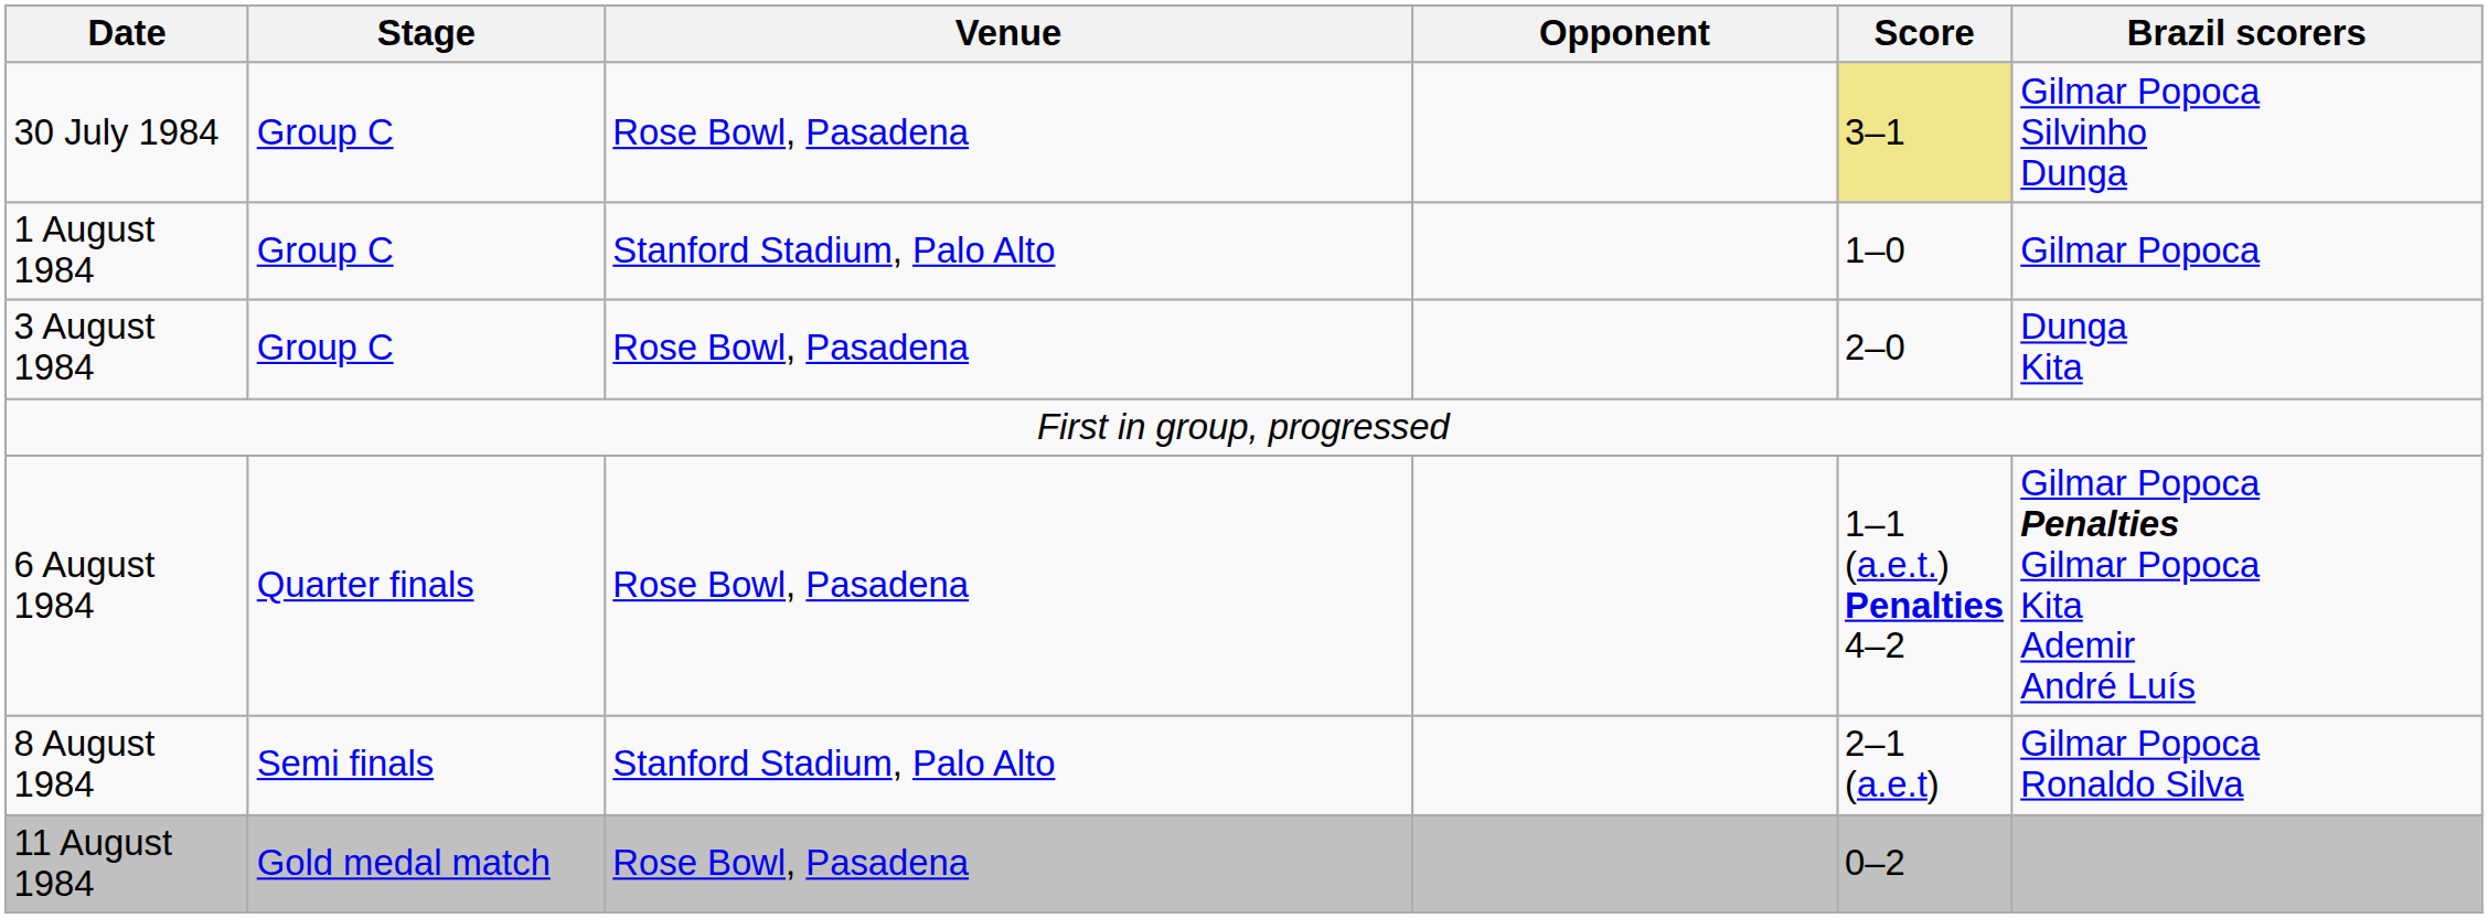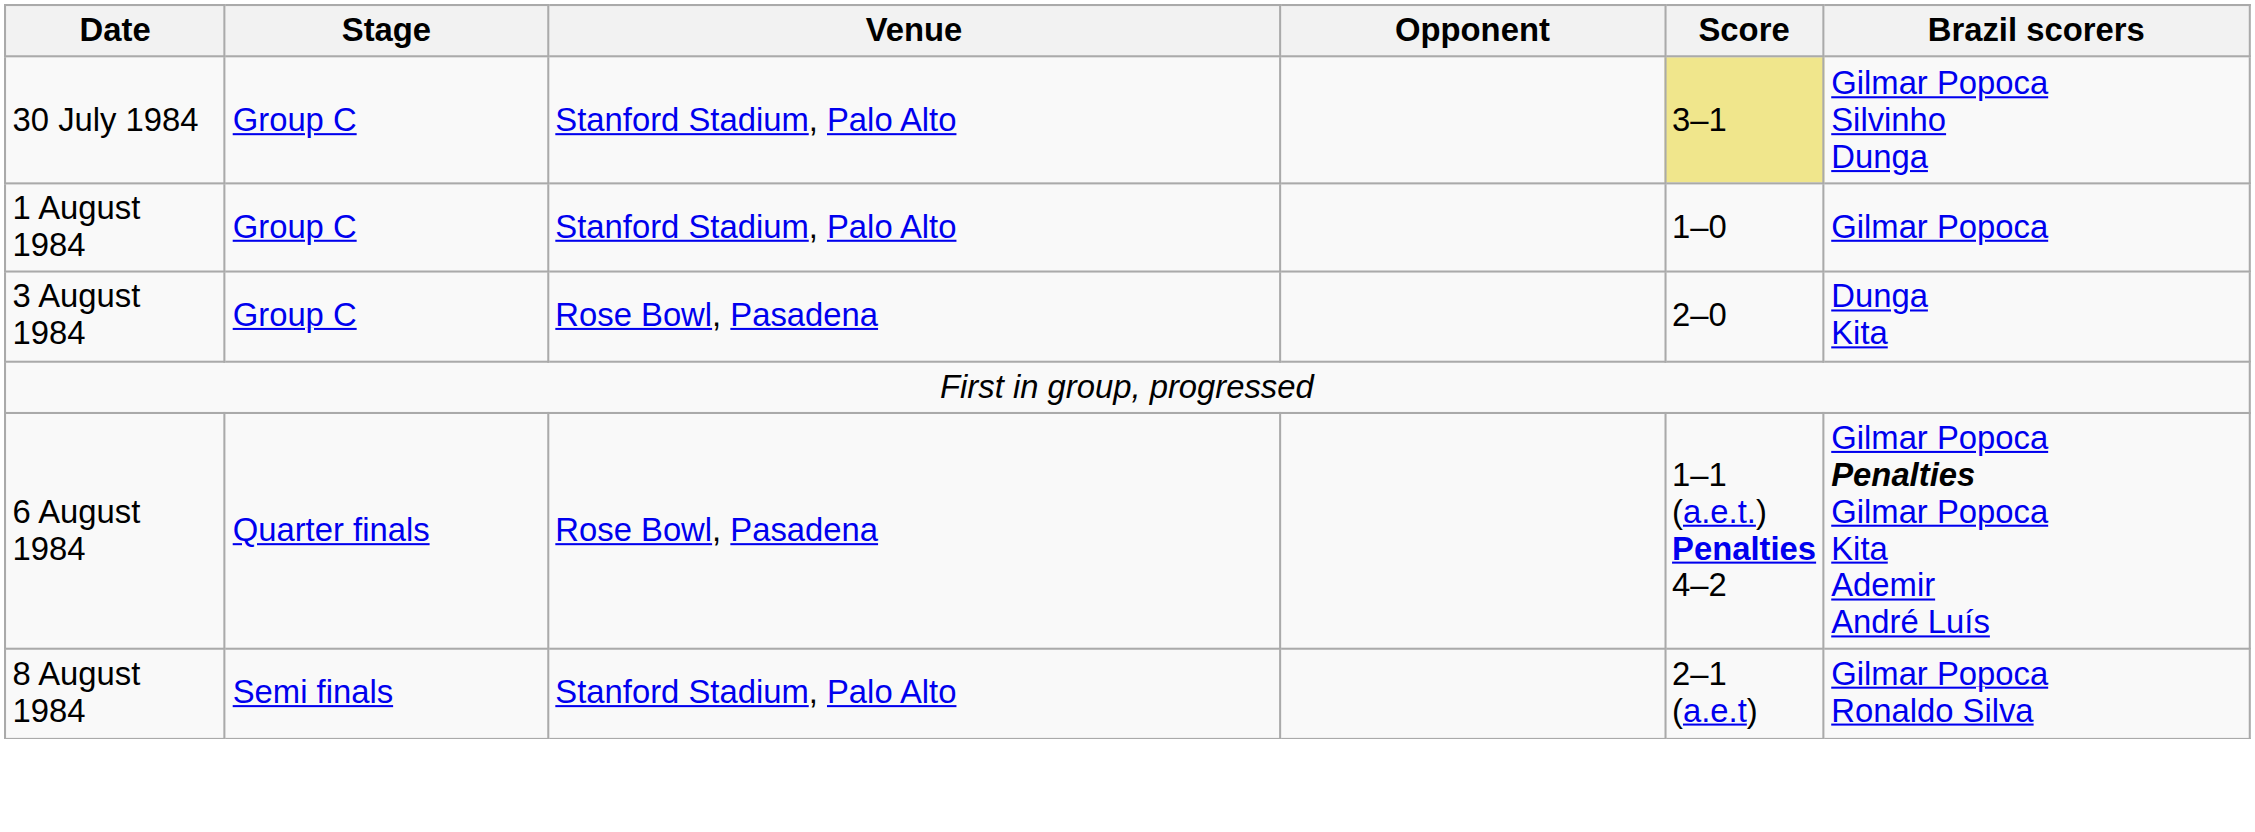 <table class="wikitable">
 <tr>
 <th width=100px>Date</th>
 <th width=150px>Stage</th>
 <th width=350px>Venue</th>
 <th width=180px>Opponent</th>
 <th width=70px>Score</th>
 <th width=200px>Brazil scorers</th>
 </tr>
 <tr>
 <td>30 July 1984</td>
 <td><a href='#'>Group C</a></td>
-<td><a href='#'>Rose Bowl</a>, <a href='#'>Pasadena</a></td>
+<td><a href='#'>Stanford Stadium</a>, <a href='#'>Palo Alto</a></td>
 <td></td>
 <td style="background: khaki;">3–1</td>
 <td><a href='#'>Gilmar Popoca</a>  <br> <a href='#'>Silvinho</a>  <br> <a href='#'>Dunga</a> </td>
 </tr>
 <tr>
 <td>1 August 1984</td>
 <td><a href='#'>Group C</a></td>
 <td><a href='#'>Stanford Stadium</a>, <a href='#'>Palo Alto</a></td>
 <td></td>
 <td>1–0</td>
 <td><a href='#'>Gilmar Popoca</a> </td>
 </tr>
 <tr>
 <td>3 August 1984</td>
 <td><a href='#'>Group C</a></td>
 <td><a href='#'>Rose Bowl</a>, <a href='#'>Pasadena</a></td>
 <td></td>
 <td>2–0</td>
 <td><a href='#'>Dunga</a>  <br> <a href='#'>Kita</a> </td>
 </tr>
 <tr>
 <td colspan="6" style="text-align:center;"><em>First in group, progressed</em></td>
 </tr>
 <tr>
 <td>6 August 1984</td>
 <td><a href='#'>Quarter finals</a></td>
 <td><a href='#'>Rose Bowl</a>, <a href='#'>Pasadena</a></td>
 <td></td>
 <td>1–1 <br> (<a href='#'>a.e.t.</a>) <br> <strong><a href='#'>Penalties</a></strong> <br> 4–2</td>
 <td><a href='#'>Gilmar Popoca</a> <br><strong><em>Penalties</em></strong> <br> <a href='#'>Gilmar Popoca</a>  <br> <a href='#'>Kita</a>  <br> <a href='#'>Ademir</a>  <br> <a href='#'>André Luís</a> </td>
 </tr>
 <tr>
 <td>8 August 1984</td>
 <td><a href='#'>Semi finals</a></td>
 <td><a href='#'>Stanford Stadium</a>, <a href='#'>Palo Alto</a></td>
 <td></td>
 <td>2–1 <br> (<a href='#'>a.e.t</a>)</td>
 <td><a href='#'>Gilmar Popoca</a>  <br> <a href='#'>Ronaldo Silva</a> </td>
 </tr>
-<tr style="background:silver;">
-<td>11 August 1984</td>
-<td><a href='#'>Gold medal match</a></td>
-<td><a href='#'>Rose Bowl</a>, <a href='#'>Pasadena</a></td>
-<td></td>
-<td>0–2</td>
-<td></td>
-</tr>
 </table>
